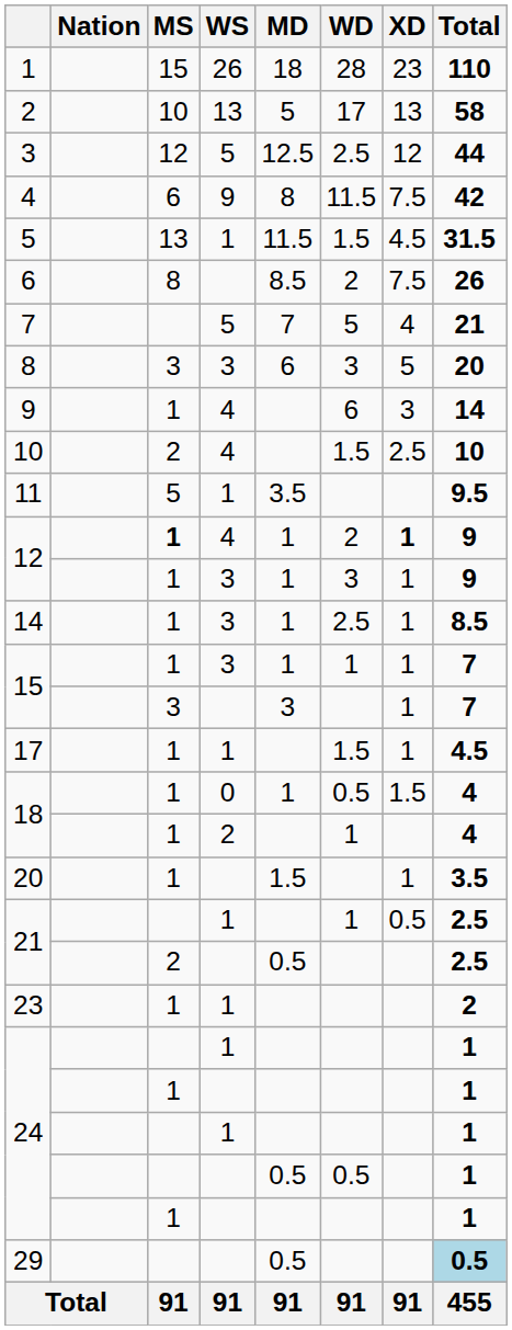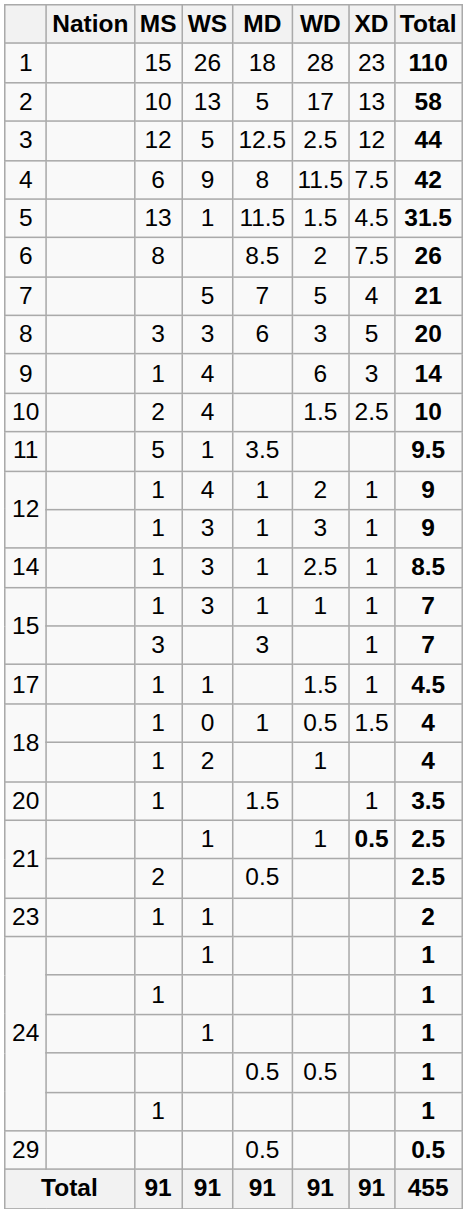 <table class="wikitable" style="text-align:center">
 <tr>
 <th width="20"></th>
 <th>Nation</th>
 <th width="20">MS</th>
 <th width="20">WS</th>
 <th width="20">MD</th>
 <th width="20">WD</th>
 <th width="20">XD</th>
 <th>Total</th>
 </tr>
 <tr>
 <td>1</td>
 <td align=left></td>
 <td>15</td>
 <td>26</td>
 <td>18</td>
 <td>28</td>
 <td>23</td>
 <td><strong>110</strong></td>
 </tr>
 <tr>
 <td>2</td>
 <td align=left></td>
 <td>10</td>
 <td>13</td>
 <td>5</td>
 <td>17</td>
 <td>13</td>
 <td><strong>58</strong></td>
 </tr>
 <tr>
 <td>3</td>
 <td align=left></td>
 <td>12</td>
 <td>5</td>
 <td>12.5</td>
 <td>2.5</td>
 <td>12</td>
 <td><strong>44</strong></td>
 </tr>
 <tr>
 <td>4</td>
 <td align=left><strong></strong></td>
 <td>6</td>
 <td>9</td>
 <td>8</td>
 <td>11.5</td>
 <td>7.5</td>
 <td><strong>42</strong></td>
 </tr>
 <tr>
 <td>5</td>
 <td align=left><br></td>
 <td>13</td>
 <td>1</td>
 <td>11.5</td>
 <td>1.5</td>
 <td>4.5</td>
 <td><strong>31.5</strong></td>
 </tr>
 <tr>
 <td>6</td>
 <td align=left></td>
 <td>8</td>
 <td></td>
 <td>8.5</td>
 <td>2</td>
 <td>7.5</td>
 <td><strong>26</strong></td>
 </tr>
 <tr>
 <td>7</td>
 <td align=left></td>
 <td></td>
 <td>5</td>
 <td>7</td>
 <td>5</td>
 <td>4</td>
 <td><strong>21</strong></td>
 </tr>
 <tr>
 <td>8</td>
 <td align=left><br></td>
 <td>3</td>
 <td>3</td>
 <td>6</td>
 <td>3</td>
 <td>5</td>
 <td><strong>20</strong></td>
 </tr>
 <tr>
 <td>9</td>
 <td align=left></td>
 <td>1</td>
 <td>4</td>
 <td></td>
 <td>6</td>
 <td>3</td>
 <td><strong>14</strong></td>
 </tr>
 <tr>
 <td>10</td>
 <td align=left></td>
 <td>2</td>
 <td>4</td>
 <td></td>
 <td>1.5</td>
 <td>2.5</td>
 <td><strong>10</strong></td>
 </tr>
 <tr>
 <td>11</td>
 <td align=left></td>
 <td>5</td>
 <td>1</td>
 <td>3.5</td>
 <td></td>
 <td></td>
 <td><strong>9.5</strong></td>
 </tr>
 <tr>
 <td rowspan=2>12</td>
 <td align=left></td>
-<td><strong>1</strong></td>
+<td>1</td>
 <td>4</td>
 <td>1</td>
 <td>2</td>
-<td><strong>1</strong></td>
+<td>1</td>
 <td><strong>9</strong></td>
 </tr>
 <tr>
 <td align=left></td>
 <td>1</td>
 <td>3</td>
 <td>1</td>
 <td>3</td>
 <td>1</td>
 <td><strong>9</strong></td>
 </tr>
 <tr>
 <td>14</td>
 <td align=left></td>
 <td>1</td>
 <td>3</td>
 <td>1</td>
 <td>2.5</td>
 <td>1</td>
 <td><strong>8.5</strong></td>
 </tr>
 <tr>
 <td rowspan=2>15</td>
 <td align=left></td>
 <td>1</td>
 <td>3</td>
 <td>1</td>
 <td>1</td>
 <td>1</td>
 <td><strong>7</strong></td>
 </tr>
 <tr>
 <td align=left><br></td>
 <td>3</td>
 <td></td>
 <td>3</td>
 <td></td>
 <td>1</td>
 <td><strong>7</strong></td>
 </tr>
 <tr>
 <td>17</td>
 <td align=left></td>
 <td>1</td>
 <td>1</td>
 <td></td>
 <td>1.5</td>
 <td>1</td>
 <td><strong>4.5</strong></td>
 </tr>
 <tr>
 <td rowspan=2>18</td>
 <td align=left></td>
 <td>1</td>
 <td>0</td>
 <td>1</td>
 <td>0.5</td>
 <td>1.5</td>
 <td><strong>4</strong></td>
 </tr>
 <tr>
 <td align=left><em></em><br></td>
 <td>1</td>
 <td>2</td>
 <td></td>
 <td>1</td>
 <td></td>
 <td><strong>4</strong></td>
 </tr>
 <tr>
 <td>20</td>
 <td align=left></td>
 <td>1</td>
 <td></td>
 <td>1.5</td>
 <td></td>
 <td>1</td>
 <td><strong>3.5</strong></td>
 </tr>
 <tr>
 <td rowspan=2>21</td>
 <td align=left></td>
 <td></td>
 <td>1</td>
 <td></td>
 <td>1</td>
-<td>0.5</td>
+<td><strong>0.5</strong></td>
 <td><strong>2.5</strong></td>
 </tr>
 <tr>
 <td align=left></td>
 <td>2</td>
 <td></td>
 <td>0.5</td>
 <td></td>
 <td></td>
 <td><strong>2.5</strong></td>
 </tr>
 <tr>
 <td>23</td>
 <td align=left></td>
 <td>1</td>
 <td>1</td>
 <td></td>
 <td></td>
 <td></td>
 <td><strong>2</strong></td>
 </tr>
 <tr>
 <td rowspan=5>24</td>
 <td align=left></td>
 <td></td>
 <td>1</td>
 <td></td>
 <td></td>
 <td></td>
 <td><strong>1</strong></td>
 </tr>
 <tr>
 <td align=left></td>
 <td>1</td>
 <td></td>
 <td></td>
 <td></td>
 <td></td>
 <td><strong>1</strong></td>
 </tr>
 <tr>
 <td align=left></td>
 <td></td>
 <td>1</td>
 <td></td>
 <td></td>
 <td></td>
 <td><strong>1</strong></td>
 </tr>
 <tr>
 <td align=left></td>
 <td></td>
 <td></td>
 <td>0.5</td>
 <td>0.5</td>
 <td></td>
 <td><strong>1</strong></td>
 </tr>
 <tr>
 <td align=left><em></em></td>
 <td>1</td>
 <td></td>
 <td></td>
 <td></td>
 <td></td>
 <td><strong>1</strong></td>
 </tr>
 <tr>
 <td>29</td>
 <td align=left></td>
 <td></td>
 <td></td>
 <td>0.5</td>
 <td></td>
 <td></td>
-<td style="background: lightblue;"><strong>0.5</strong></td>
+<td><strong>0.5</strong></td>
 </tr>
 <tr>
 <th colspan=2>Total</th>
 <th>91</th>
 <th>91</th>
 <th>91</th>
 <th>91</th>
 <th>91</th>
 <th>455</th>
 </tr>
 </table>
